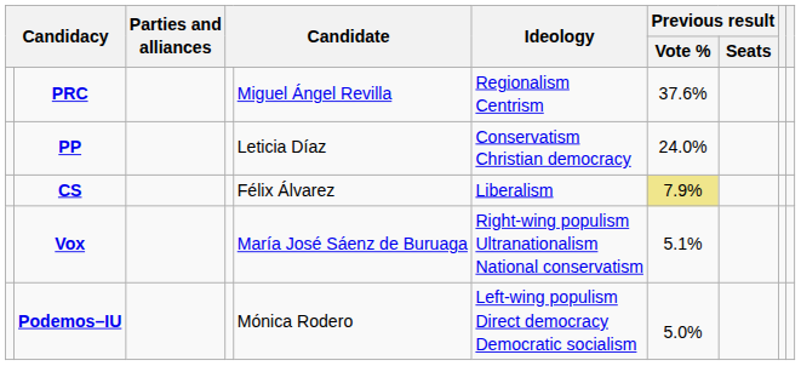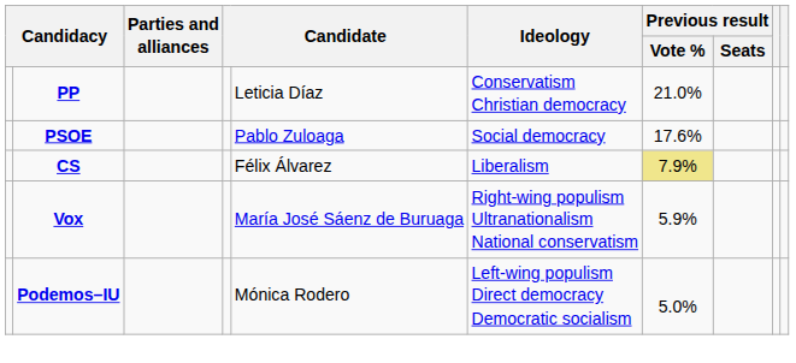 <table class="wikitable" style="line-height:1.35em; text-align:left;">
 <tr>
 <th colspan="2" rowspan="2">Candidacy</th>
 <th rowspan="2">Parties and<br>alliances</th>
 <th colspan="2" rowspan="2">Candidate</th>
 <th rowspan="2">Ideology</th>
 <th colspan="2">Previous result</th>
 <th rowspan="2"></th>
 <th rowspan="2"></th>
 </tr>
 <tr>
 <th>Vote %</th>
 <th>Seats</th>
 </tr>
 <tr>
-<td width="1" style="color:inherit;background:"></td>
-<td align="center"><strong><a href='#'>PRC</a></strong></td>
+<td style="color:inherit;background:"></td>
+<td align="center"><strong><a href='#'>PP</a></strong></td>
 <td></td>
 <td></td>
-<td><a href='#'>Miguel Ángel Revilla</a></td>
-<td><a href='#'>Regionalism</a><br><a href='#'>Centrism</a></td>
-<td align="center">37.6%</td>
+<td>Leticia Díaz</td>
+<td><a href='#'>Conservatism</a><br><a href='#'>Christian democracy</a></td>
+<td align="center">21.0%</td>
 <td></td>
 <td></td>
 <td></td>
 </tr>
 <tr>
 <td style="color:inherit;background:"></td>
-<td align="center"><strong><a href='#'>PP</a></strong></td>
+<td align="center"><strong><a href='#'>PSOE</a></strong></td>
 <td></td>
 <td></td>
-<td>Leticia Díaz</td>
-<td><a href='#'>Conservatism</a><br><a href='#'>Christian democracy</a></td>
-<td align="center">24.0%</td>
+<td><a href='#'>Pablo Zuloaga</a></td>
+<td><a href='#'>Social democracy</a></td>
+<td align="center">17.6%</td>
 <td></td>
 <td></td>
 <td></td>
 </tr>
 <tr>
 <td style="color:inherit;background:"></td>
 <td align="center"><strong><a href='#'>CS</a></strong></td>
 <td></td>
 <td></td>
 <td>Félix Álvarez</td>
 <td><a href='#'>Liberalism</a></td>
 <td align="center" style="background: khaki;">7.9%</td>
 <td></td>
 <td></td>
 <td></td>
 </tr>
 <tr>
 <td style="color:inherit;background:"></td>
 <td align="center"><strong><a href='#'>Vox</a></strong></td>
 <td></td>
 <td></td>
 <td><a href='#'>María José Sáenz de Buruaga</a></td>
 <td><a href='#'>Right-wing populism</a><br><a href='#'>Ultranationalism</a><br><a href='#'>National conservatism</a></td>
-<td align="center">5.1%</td>
+<td align="center">5.9%</td>
 <td></td>
 <td></td>
 <td></td>
 </tr>
 <tr>
 <td style="color:inherit;background:"></td>
 <td align="center"><strong><a href='#'>Podemos–IU</a></strong></td>
 <td></td>
 <td></td>
 <td>Mónica Rodero</td>
 <td><a href='#'>Left-wing populism</a><br><a href='#'>Direct democracy</a><br><a href='#'>Democratic socialism</a></td>
 <td align="center"><br>5.0%<br></td>
 <td></td>
 <td></td>
 <td><br></td>
 </tr>
 </table>
